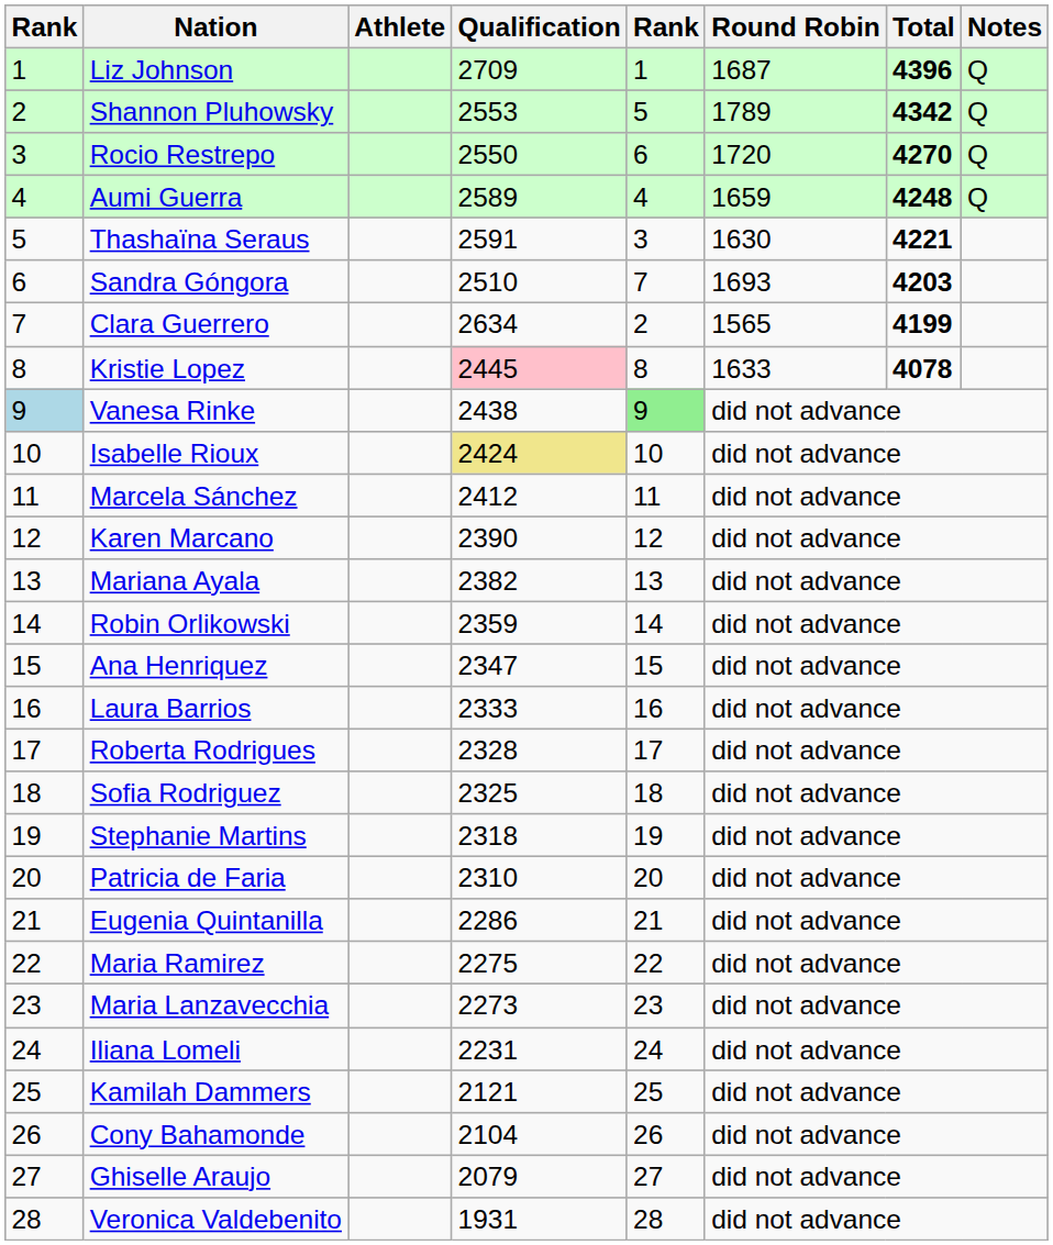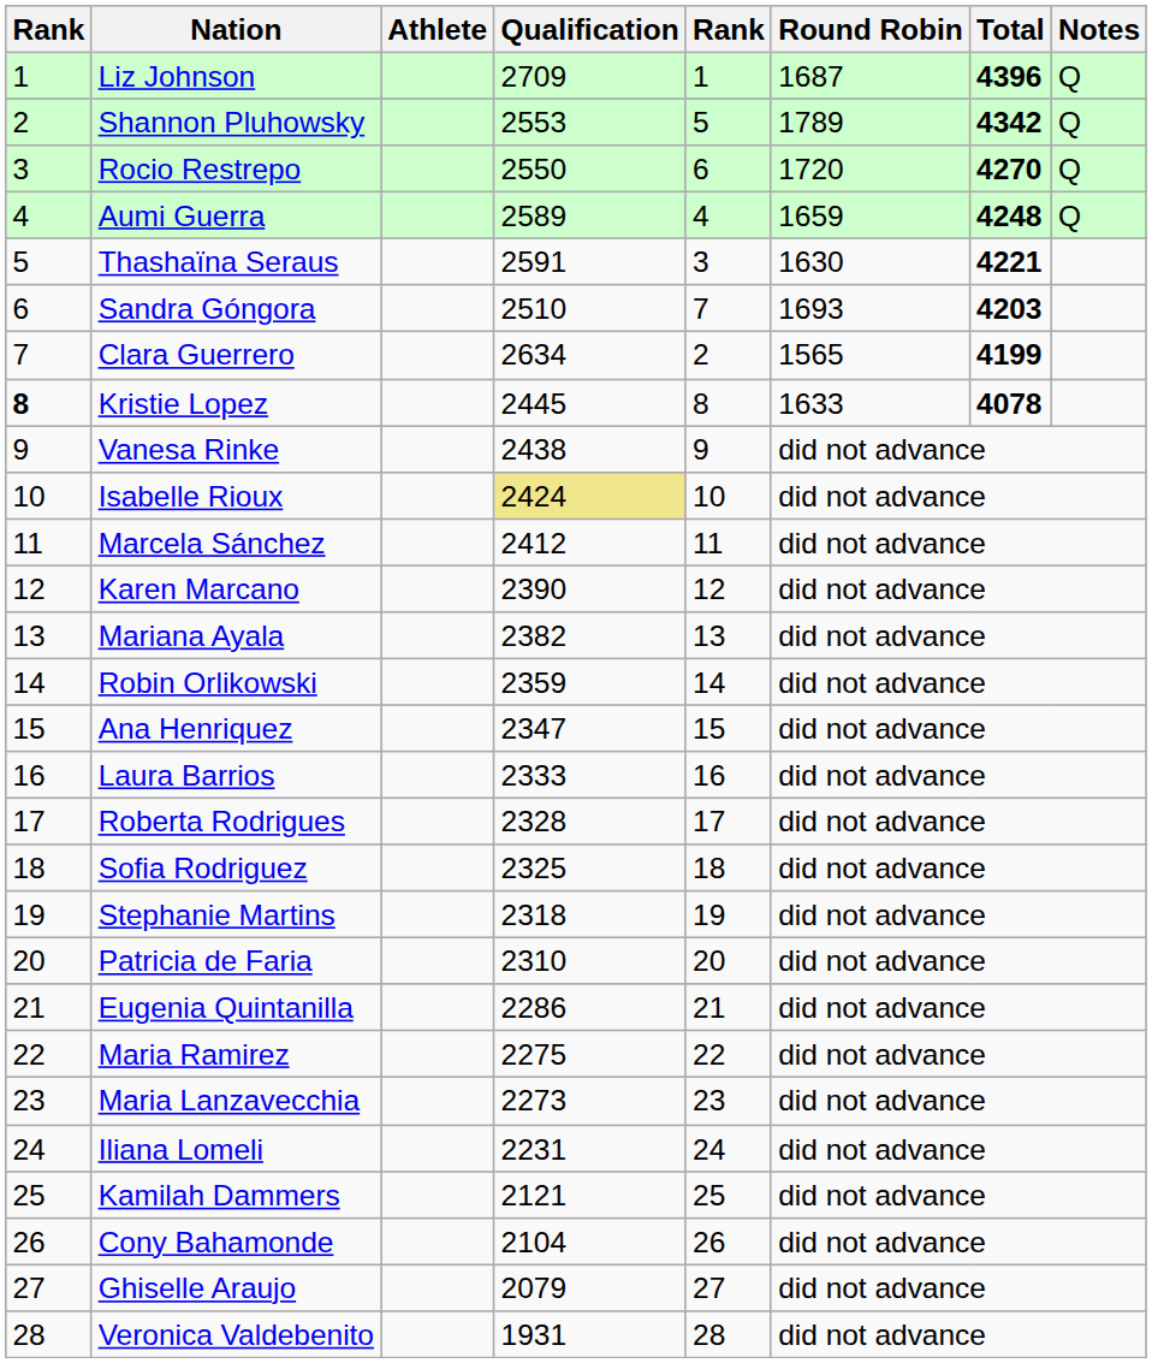 <table class="wikitable sortable" style="font-size:95%" style="width:35em;" style="text-align:center">
 <tr>
 <th>Rank</th>
 <th>Nation</th>
 <th>Athlete</th>
 <th>Qualification</th>
 <th>Rank</th>
 <th>Round Robin</th>
 <th>Total</th>
 <th>Notes</th>
 </tr>
 <tr style="background:#cfc">
 <td>1</td>
 <td align=left><a href='#'>Liz Johnson</a></td>
 <td align=left></td>
 <td>2709</td>
 <td>1</td>
 <td>1687</td>
 <td><strong>4396</strong></td>
 <td>Q</td>
 </tr>
 <tr style="background:#cfc">
 <td>2</td>
 <td align=left><a href='#'>Shannon Pluhowsky</a></td>
 <td align=left></td>
 <td>2553</td>
 <td>5</td>
 <td>1789</td>
 <td><strong>4342</strong></td>
 <td>Q</td>
 </tr>
 <tr style="background:#cfc">
 <td>3</td>
 <td align=left><a href='#'>Rocio Restrepo</a></td>
 <td align=left></td>
 <td>2550</td>
 <td>6</td>
 <td>1720</td>
 <td><strong>4270</strong></td>
 <td>Q</td>
 </tr>
 <tr style="background:#cfc">
 <td>4</td>
 <td align=left><a href='#'>Aumi Guerra</a></td>
 <td align=left></td>
 <td>2589</td>
 <td>4</td>
 <td>1659</td>
 <td><strong>4248</strong></td>
 <td>Q</td>
 </tr>
 <tr>
 <td>5</td>
 <td align=left><a href='#'>Thashaïna Seraus</a></td>
 <td align=left></td>
 <td>2591</td>
 <td>3</td>
 <td>1630</td>
 <td><strong>4221</strong></td>
 <td></td>
 </tr>
 <tr>
 <td>6</td>
 <td align=left><a href='#'>Sandra Góngora</a></td>
 <td align=left></td>
 <td>2510</td>
 <td>7</td>
 <td>1693</td>
 <td><strong>4203</strong></td>
 <td></td>
 </tr>
 <tr>
 <td>7</td>
 <td align=left><a href='#'>Clara Guerrero</a></td>
 <td align=left></td>
 <td>2634</td>
 <td>2</td>
 <td>1565</td>
 <td><strong>4199</strong></td>
 <td></td>
 </tr>
 <tr>
-<td>8</td>
+<td><strong>8</strong></td>
 <td align=left><a href='#'>Kristie Lopez</a></td>
 <td align=left></td>
-<td style="background: pink;">2445</td>
+<td>2445</td>
 <td>8</td>
 <td>1633</td>
 <td><strong>4078</strong></td>
 <td></td>
 </tr>
 <tr>
-<td style="background: lightblue;">9</td>
+<td>9</td>
 <td align=left><a href='#'>Vanesa Rinke</a></td>
 <td align=left></td>
 <td>2438</td>
-<td style="background: lightgreen;">9</td>
+<td>9</td>
 <td colspan=4>did not advance</td>
 </tr>
 <tr>
 <td>10</td>
 <td align=left><a href='#'>Isabelle Rioux</a></td>
 <td align=left></td>
 <td style="background: khaki;">2424</td>
 <td>10</td>
 <td colspan=4>did not advance</td>
 </tr>
 <tr>
 <td>11</td>
 <td align=left><a href='#'>Marcela Sánchez</a></td>
 <td align=left></td>
 <td>2412</td>
 <td>11</td>
 <td colspan=4>did not advance</td>
 </tr>
 <tr>
 <td>12</td>
 <td align=left><a href='#'>Karen Marcano</a></td>
 <td align=left></td>
 <td>2390</td>
 <td>12</td>
 <td colspan=4>did not advance</td>
 </tr>
 <tr>
 <td>13</td>
 <td align=left><a href='#'>Mariana Ayala</a></td>
 <td align=left></td>
 <td>2382</td>
 <td>13</td>
 <td colspan=4>did not advance</td>
 </tr>
 <tr>
 <td>14</td>
 <td align=left><a href='#'>Robin Orlikowski</a></td>
 <td align=left></td>
 <td>2359</td>
 <td>14</td>
 <td colspan=4>did not advance</td>
 </tr>
 <tr>
 <td>15</td>
 <td align=left><a href='#'>Ana Henriquez</a></td>
 <td align=left></td>
 <td>2347</td>
 <td>15</td>
 <td colspan=4>did not advance</td>
 </tr>
 <tr>
 <td>16</td>
 <td align=left><a href='#'>Laura Barrios</a></td>
 <td align=left></td>
 <td>2333</td>
 <td>16</td>
 <td colspan=4>did not advance</td>
 </tr>
 <tr>
 <td>17</td>
 <td align=left><a href='#'>Roberta Rodrigues</a></td>
 <td align=left></td>
 <td>2328</td>
 <td>17</td>
 <td colspan=4>did not advance</td>
 </tr>
 <tr>
 <td>18</td>
 <td align=left><a href='#'>Sofia Rodriguez</a></td>
 <td align=left></td>
 <td>2325</td>
 <td>18</td>
 <td colspan=4>did not advance</td>
 </tr>
 <tr>
 <td>19</td>
 <td align=left><a href='#'>Stephanie Martins</a></td>
 <td align=left></td>
 <td>2318</td>
 <td>19</td>
 <td colspan=4>did not advance</td>
 </tr>
 <tr>
 <td>20</td>
 <td align=left><a href='#'>Patricia de Faria</a></td>
 <td align=left></td>
 <td>2310</td>
 <td>20</td>
 <td colspan=4>did not advance</td>
 </tr>
 <tr>
 <td>21</td>
 <td align=left><a href='#'>Eugenia Quintanilla</a></td>
 <td align=left></td>
 <td>2286</td>
 <td>21</td>
 <td colspan=4>did not advance</td>
 </tr>
 <tr>
 <td>22</td>
 <td align=left><a href='#'>Maria Ramirez</a></td>
 <td align=left></td>
 <td>2275</td>
 <td>22</td>
 <td colspan=4>did not advance</td>
 </tr>
 <tr>
 <td>23</td>
 <td align=left><a href='#'>Maria Lanzavecchia</a></td>
 <td align=left></td>
 <td>2273</td>
 <td>23</td>
 <td colspan=4>did not advance</td>
 </tr>
 <tr>
 <td>24</td>
 <td align=left><a href='#'>Iliana Lomeli</a></td>
 <td align=left></td>
 <td>2231</td>
 <td>24</td>
 <td colspan=4>did not advance</td>
 </tr>
 <tr>
 <td>25</td>
 <td align=left><a href='#'>Kamilah Dammers</a></td>
 <td align=left></td>
 <td>2121</td>
 <td>25</td>
 <td colspan=4>did not advance</td>
 </tr>
 <tr>
 <td>26</td>
 <td align=left><a href='#'>Cony Bahamonde</a></td>
 <td align=left></td>
 <td>2104</td>
 <td>26</td>
 <td colspan=4>did not advance</td>
 </tr>
 <tr>
 <td>27</td>
 <td align=left><a href='#'>Ghiselle Araujo</a></td>
 <td align=left></td>
 <td>2079</td>
 <td>27</td>
 <td colspan=4>did not advance</td>
 </tr>
 <tr>
 <td>28</td>
 <td align=left><a href='#'>Veronica Valdebenito</a></td>
 <td align=left></td>
 <td>1931</td>
 <td>28</td>
 <td colspan=4>did not advance</td>
 </tr>
 </table>
